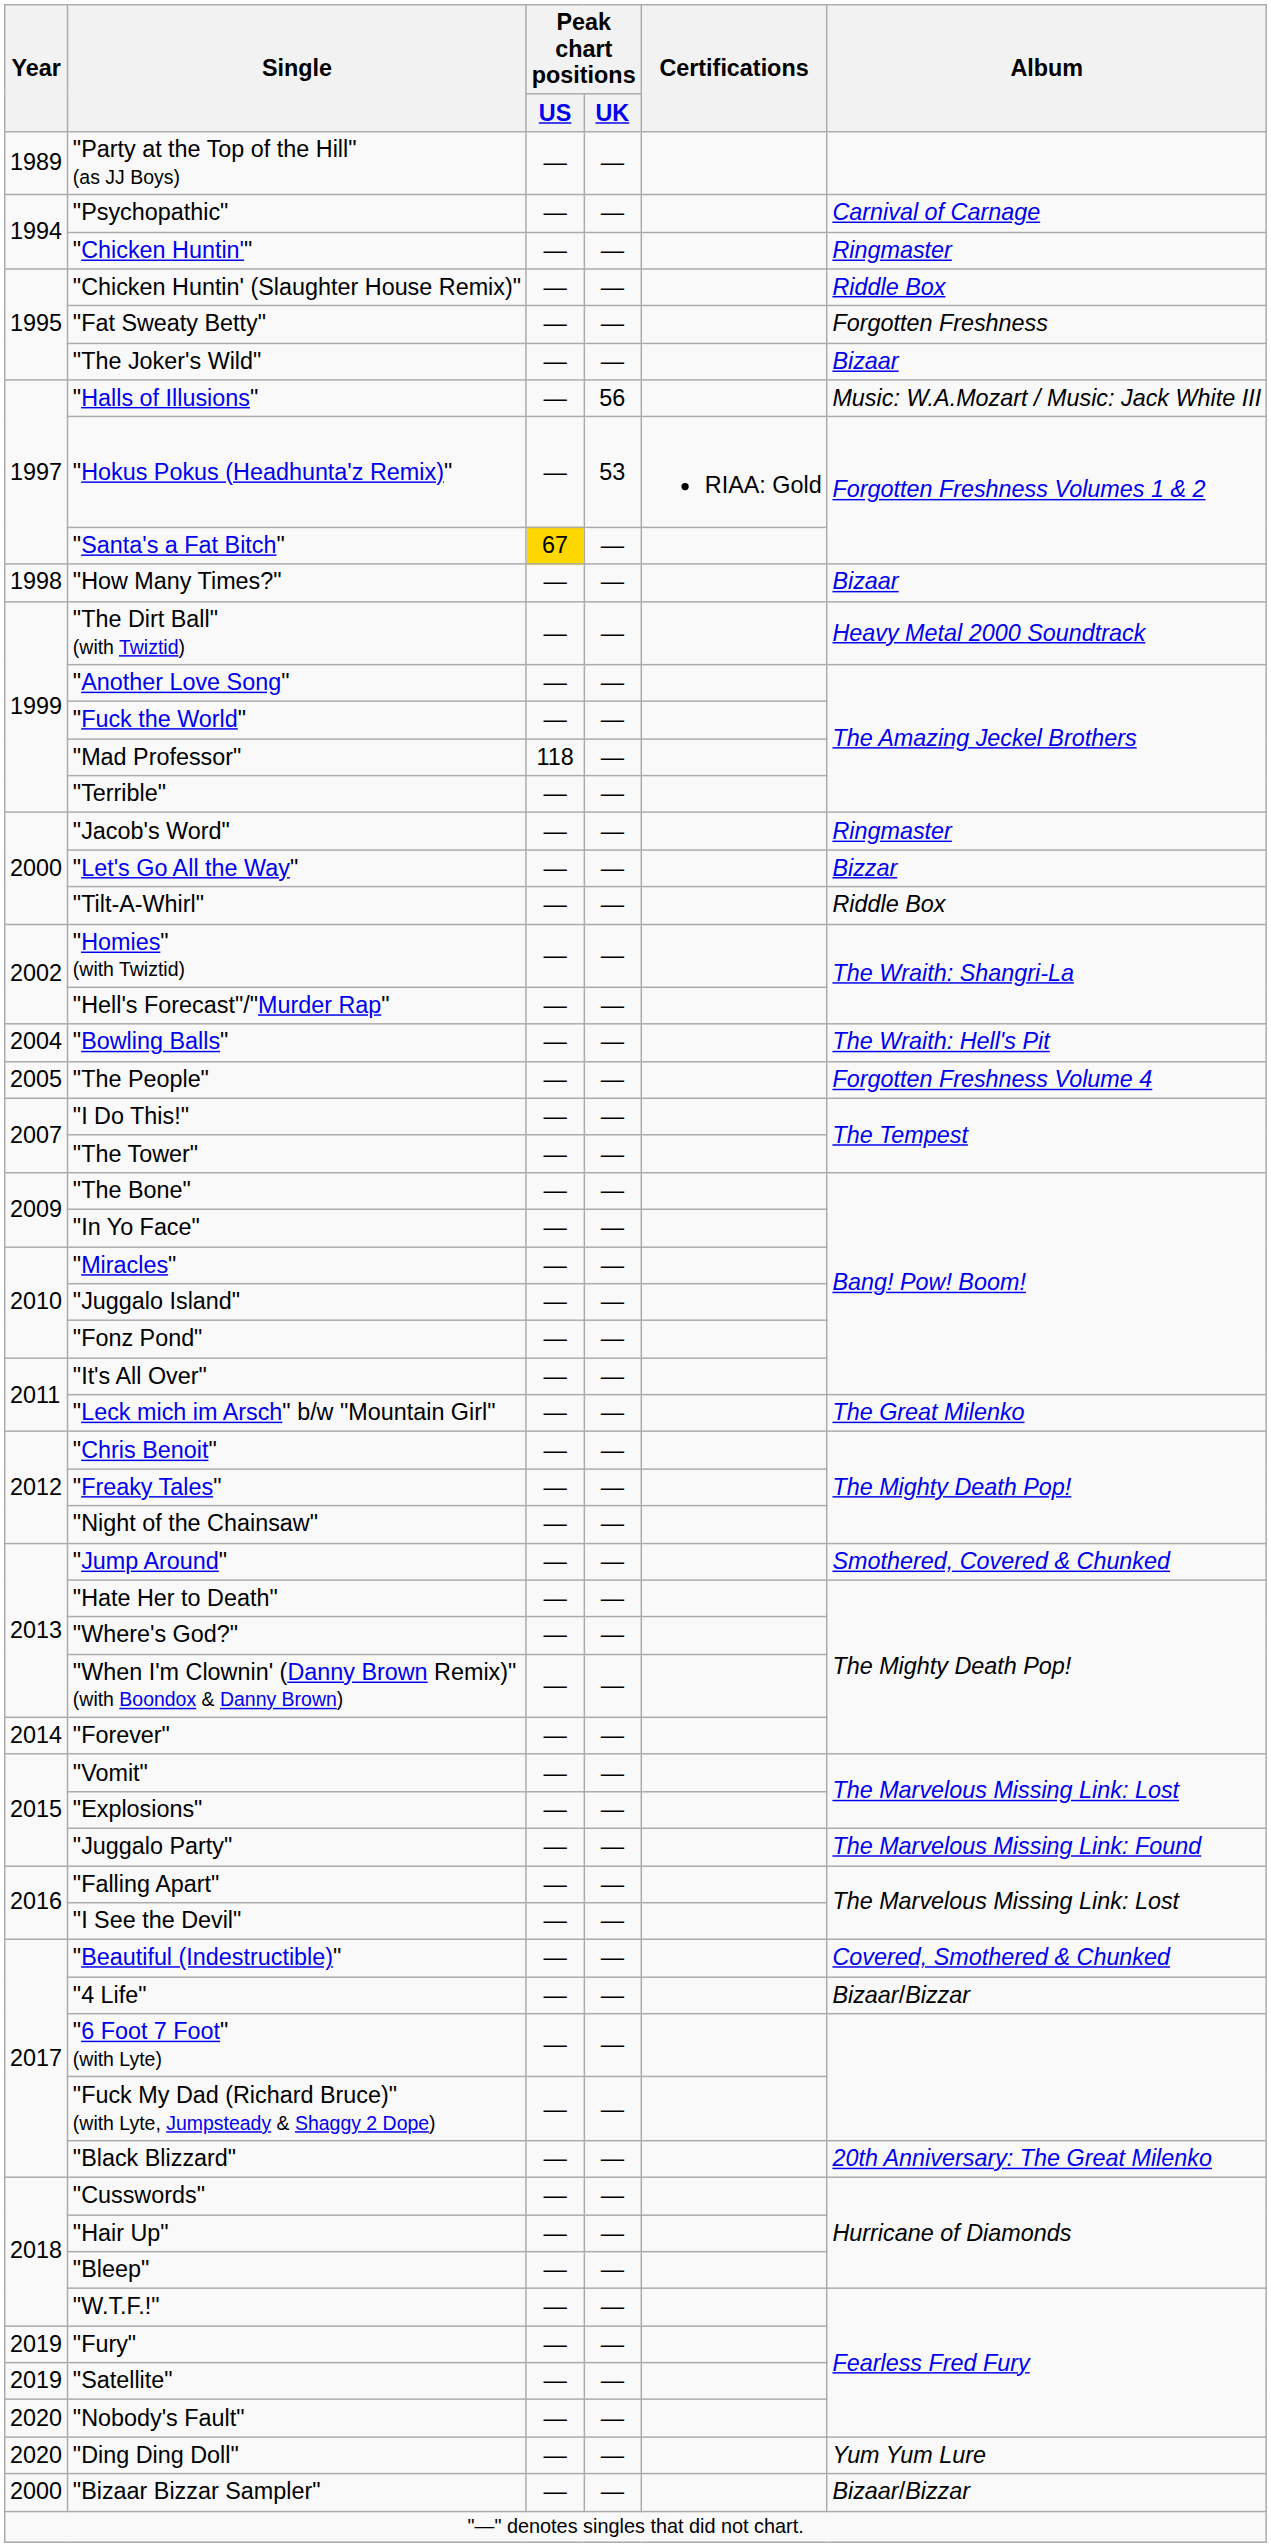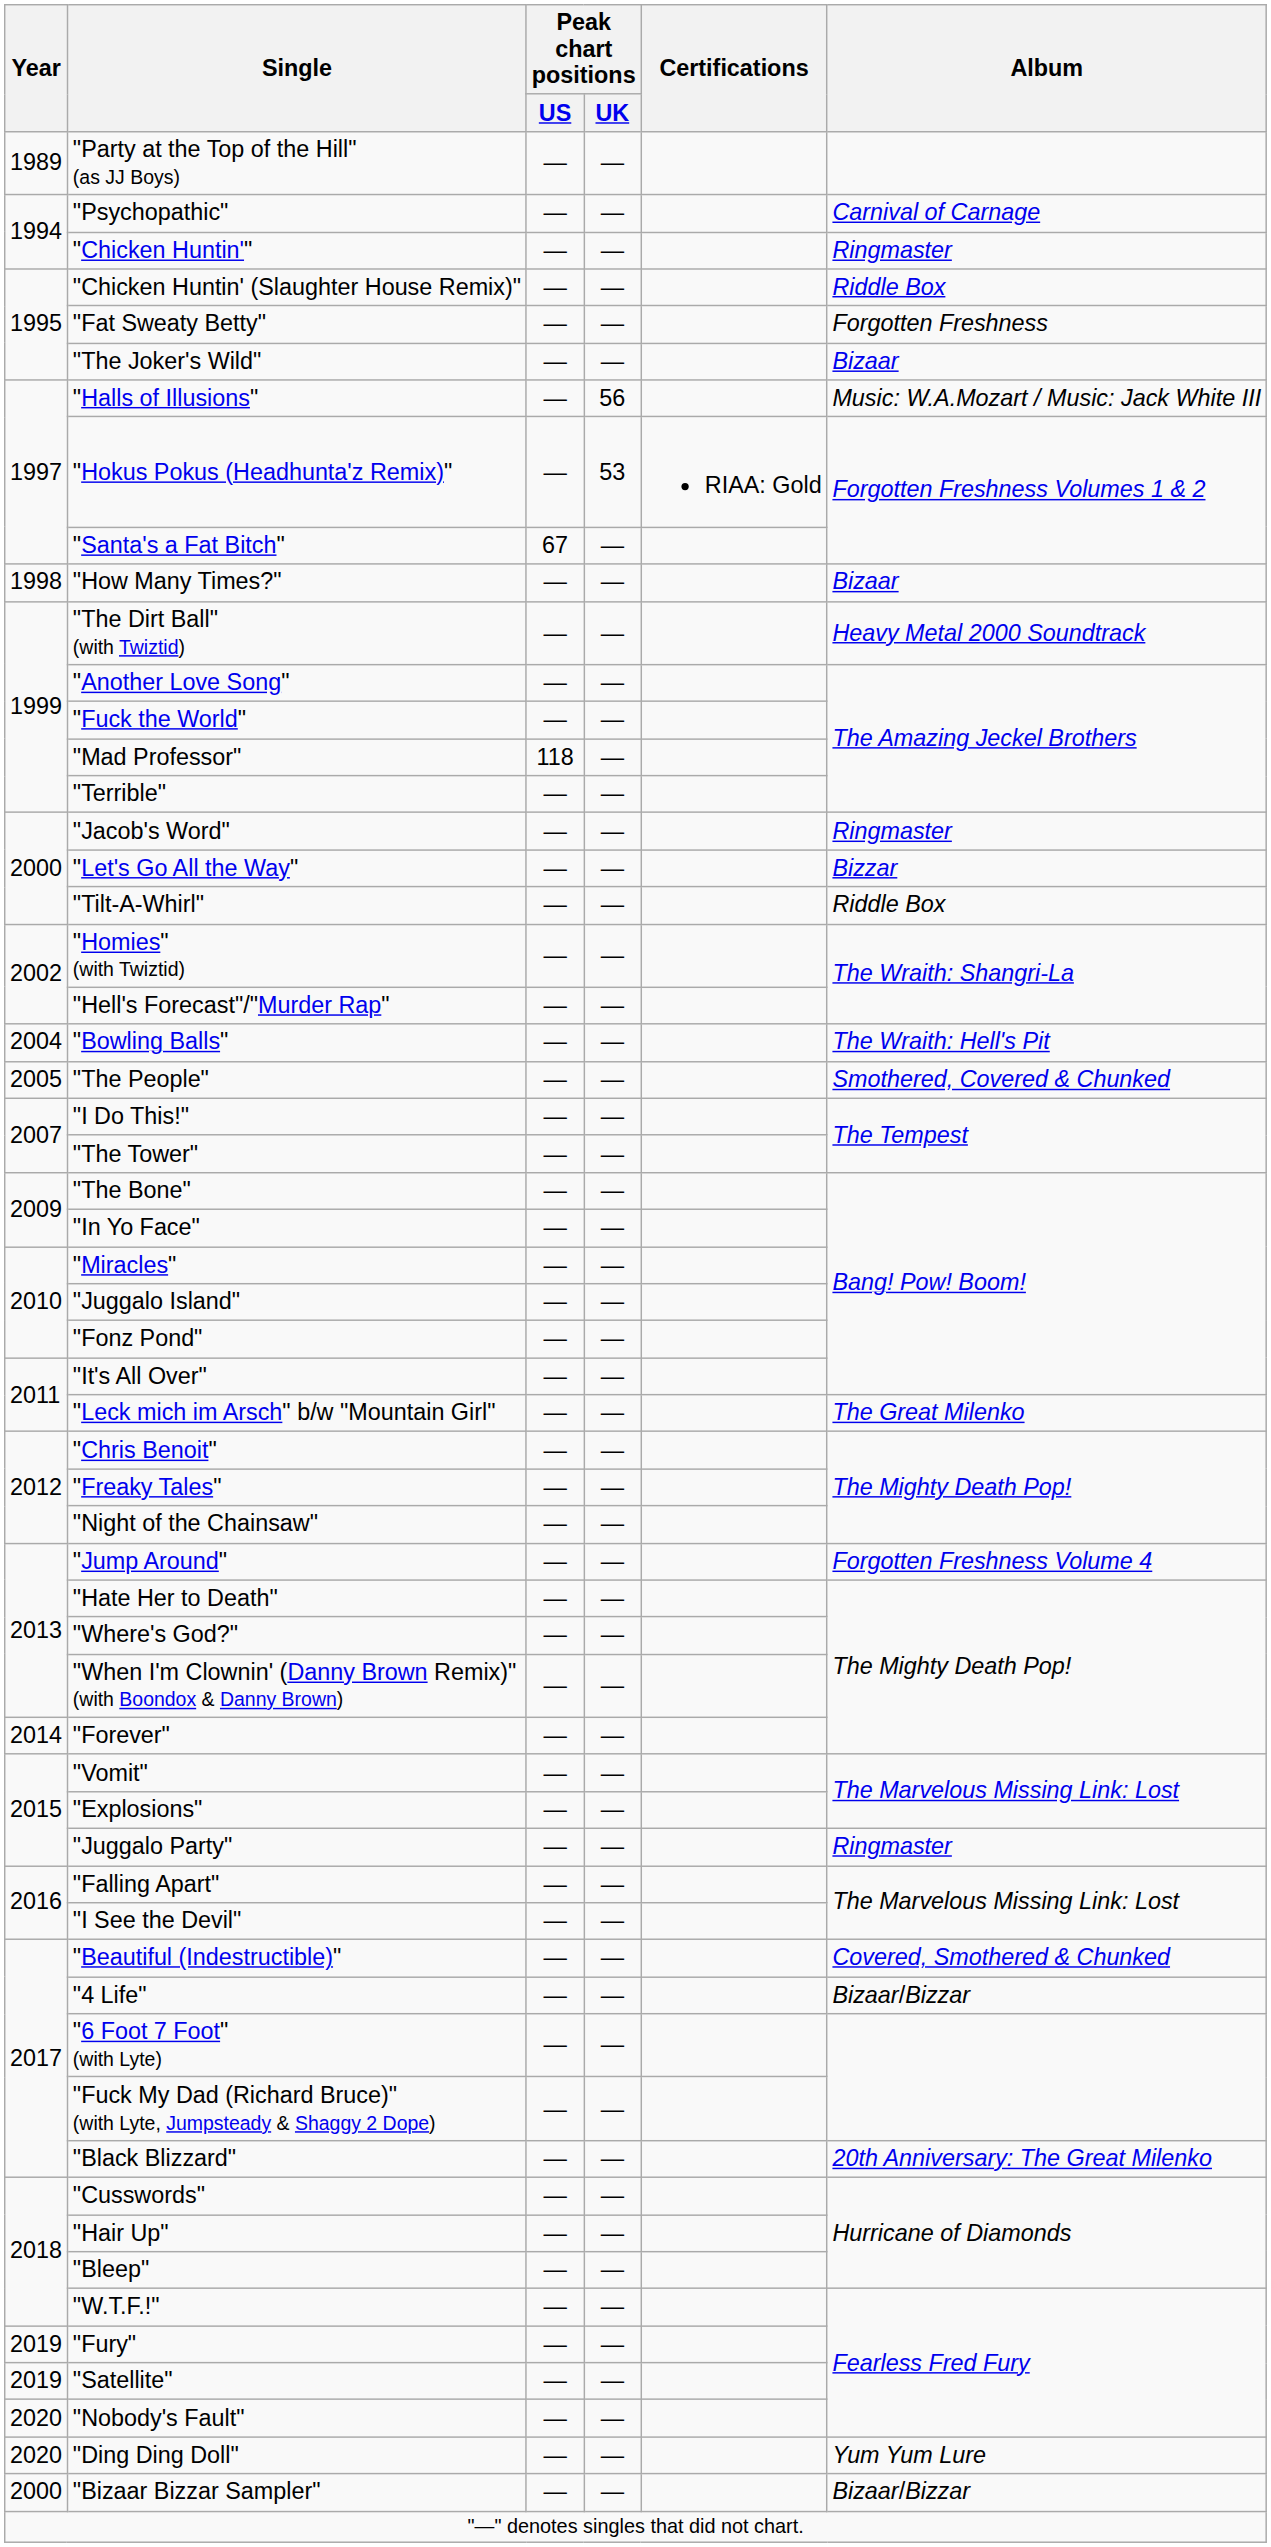 <table class="wikitable">
 <tr>
 <th rowspan="2">Year</th>
 <th rowspan="2">Single</th>
 <th colspan="2">Peak chart positions</th>
 <th rowspan="2">Certifications</th>
 <th rowspan="2">Album</th>
 </tr>
 <tr>
 <th width="30"><a href='#'>US</a><br></th>
 <th width="30"><a href='#'>UK</a><br></th>
 </tr>
 <tr>
 <td>1989</td>
 <td>"Party at the Top of the Hill" <br><small>(as JJ Boys)</small></td>
 <td style="text-align:center">—</td>
 <td style="text-align:center">—</td>
 <td></td>
 <td></td>
 </tr>
 <tr>
 <td rowspan="2">1994</td>
 <td>"Psychopathic"</td>
 <td style="text-align:center">—</td>
 <td style="text-align:center">—</td>
 <td></td>
 <td><em><a href='#'>Carnival of Carnage</a></em></td>
 </tr>
 <tr>
 <td>"<a href='#'>Chicken Huntin'</a>"</td>
 <td style="text-align:center">—</td>
 <td style="text-align:center">—</td>
 <td></td>
 <td><em><a href='#'>Ringmaster</a></em></td>
 </tr>
 <tr>
 <td rowspan="3">1995</td>
 <td>"Chicken Huntin' (Slaughter House Remix)"</td>
 <td style="text-align:center">—</td>
 <td style="text-align:center">—</td>
 <td></td>
 <td><em><a href='#'>Riddle Box</a></em></td>
 </tr>
 <tr>
 <td>"Fat Sweaty Betty"</td>
 <td style="text-align:center">—</td>
 <td style="text-align:center">—</td>
 <td></td>
 <td><em>Forgotten Freshness</em></td>
 </tr>
 <tr>
 <td>"The Joker's Wild"</td>
 <td style="text-align:center">—</td>
 <td style="text-align:center">—</td>
 <td></td>
 <td><em><a href='#'>Bizaar</a></em></td>
 </tr>
 <tr>
 <td rowspan="3">1997</td>
 <td>"<a href='#'>Halls of Illusions</a>"</td>
 <td style="text-align:center">—</td>
 <td style="text-align:center">56</td>
 <td></td>
 <td><em>Music: W.A.Mozart / Music: Jack White III</em></td>
 </tr>
 <tr>
 <td>"<a href='#'>Hokus Pokus (Headhunta'z Remix)</a>"</td>
 <td style="text-align:center">—</td>
 <td style="text-align:center">53</td>
 <td><br><ul><li>RIAA: Gold</li></ul></td>
 <td rowspan="2"><em><a href='#'>Forgotten Freshness Volumes 1 & 2</a></em></td>
 </tr>
 <tr>
 <td>"<a href='#'>Santa's a Fat Bitch</a>"</td>
-<td style="background: gold; text-align:center">67</td>
+<td style="text-align:center">67</td>
 <td style="text-align:center">—</td>
 <td></td>
 </tr>
 <tr>
 <td>1998</td>
 <td>"How Many Times?"</td>
 <td style="text-align:center">—</td>
 <td style="text-align:center">—</td>
 <td></td>
 <td><em><a href='#'>Bizaar</a></em></td>
 </tr>
 <tr>
 <td rowspan="5">1999</td>
 <td>"The Dirt Ball"<br><small>(with <a href='#'>Twiztid</a>)</small></td>
 <td style="text-align:center">—</td>
 <td style="text-align:center">—</td>
 <td></td>
 <td><em><a href='#'>Heavy Metal 2000 Soundtrack</a></em></td>
 </tr>
 <tr>
 <td>"<a href='#'>Another Love Song</a>"</td>
 <td style="text-align:center">—</td>
 <td style="text-align:center">—</td>
 <td></td>
 <td rowspan="4"><em><a href='#'>The Amazing Jeckel Brothers</a></em></td>
 </tr>
 <tr>
 <td>"<a href='#'>Fuck the World</a>"</td>
 <td style="text-align:center">—</td>
 <td style="text-align:center">—</td>
 <td></td>
 </tr>
 <tr>
 <td>"Mad Professor"</td>
 <td style="text-align:center">118</td>
 <td style="text-align:center">—</td>
 <td></td>
 </tr>
 <tr>
 <td>"Terrible"</td>
 <td style="text-align:center">—</td>
 <td style="text-align:center">—</td>
 <td></td>
 </tr>
 <tr>
 <td rowspan="3">2000</td>
 <td>"Jacob's Word"</td>
 <td style="text-align:center">—</td>
 <td style="text-align:center">—</td>
 <td></td>
 <td><em><a href='#'>Ringmaster</a></em></td>
 </tr>
 <tr>
 <td>"<a href='#'>Let's Go All the Way</a>"</td>
 <td style="text-align:center">—</td>
 <td style="text-align:center">—</td>
 <td></td>
 <td><em><a href='#'>Bizzar</a></em></td>
 </tr>
 <tr>
 <td>"Tilt-A-Whirl"</td>
 <td style="text-align:center">—</td>
 <td style="text-align:center">—</td>
 <td></td>
 <td><em>Riddle Box</em></td>
 </tr>
 <tr>
 <td rowspan="2">2002</td>
 <td>"<a href='#'>Homies</a>" <br><small>(with Twiztid)</small></td>
 <td style="text-align:center">—</td>
 <td style="text-align:center">—</td>
 <td></td>
 <td rowspan="2"><em><a href='#'>The Wraith: Shangri-La</a></em></td>
 </tr>
 <tr>
 <td>"Hell's Forecast"/"<a href='#'>Murder Rap</a>"</td>
 <td style="text-align:center">—</td>
 <td style="text-align:center">—</td>
 <td></td>
 </tr>
 <tr>
 <td>2004</td>
 <td>"<a href='#'>Bowling Balls</a>"</td>
 <td style="text-align:center">—</td>
 <td style="text-align:center">—</td>
 <td></td>
 <td><em><a href='#'>The Wraith: Hell's Pit</a></em></td>
 </tr>
 <tr>
 <td>2005</td>
 <td>"The People"</td>
 <td style="text-align:center">—</td>
 <td style="text-align:center">—</td>
 <td></td>
-<td><em><a href='#'>Forgotten Freshness Volume 4</a></em></td>
+<td><em><a href='#'>Smothered, Covered & Chunked</a></em></td>
 </tr>
 <tr>
 <td rowspan="2">2007</td>
 <td>"I Do This!"</td>
 <td style="text-align:center">—</td>
 <td style="text-align:center">—</td>
 <td></td>
 <td rowspan="2"><em><a href='#'>The Tempest</a></em></td>
 </tr>
 <tr>
 <td>"The Tower"</td>
 <td style="text-align:center">—</td>
 <td style="text-align:center">—</td>
 <td></td>
 </tr>
 <tr>
 <td rowspan="2">2009</td>
 <td>"The Bone"</td>
 <td style="text-align:center">—</td>
 <td style="text-align:center">—</td>
 <td></td>
 <td rowspan="6"><em><a href='#'>Bang! Pow! Boom!</a></em></td>
 </tr>
 <tr>
 <td>"In Yo Face"</td>
 <td style="text-align:center">—</td>
 <td style="text-align:center">—</td>
 <td></td>
 </tr>
 <tr>
 <td rowspan="3">2010</td>
 <td>"<a href='#'>Miracles</a>"</td>
 <td style="text-align:center">—</td>
 <td style="text-align:center">—</td>
 <td></td>
 </tr>
 <tr>
 <td>"Juggalo Island"</td>
 <td style="text-align:center">—</td>
 <td style="text-align:center">—</td>
 <td></td>
 </tr>
 <tr>
 <td>"Fonz Pond"</td>
 <td style="text-align:center">—</td>
 <td style="text-align:center">—</td>
 <td></td>
 </tr>
 <tr>
 <td rowspan="2">2011</td>
 <td>"It's All Over"</td>
 <td style="text-align:center">—</td>
 <td style="text-align:center">—</td>
 <td></td>
 </tr>
 <tr>
 <td>"<a href='#'>Leck mich im Arsch</a>" b/w "Mountain Girl"</td>
 <td style="text-align:center">—</td>
 <td style="text-align:center">—</td>
 <td></td>
 <td><em><a href='#'>The Great Milenko</a></em></td>
 </tr>
 <tr>
 <td rowspan="3">2012</td>
 <td>"<a href='#'>Chris Benoit</a>"</td>
 <td style="text-align:center">—</td>
 <td style="text-align:center">—</td>
 <td></td>
 <td rowspan="3"><em><a href='#'>The Mighty Death Pop!</a></em></td>
 </tr>
 <tr>
 <td>"<a href='#'>Freaky Tales</a>"</td>
 <td style="text-align:center">—</td>
 <td style="text-align:center">—</td>
 <td></td>
 </tr>
 <tr>
 <td>"Night of the Chainsaw"</td>
 <td style="text-align:center">—</td>
 <td style="text-align:center">—</td>
 <td></td>
 </tr>
 <tr>
 <td rowspan="4">2013</td>
 <td>"<a href='#'>Jump Around</a>"</td>
 <td style="text-align:center">—</td>
 <td style="text-align:center">—</td>
 <td></td>
-<td><em><a href='#'>Smothered, Covered & Chunked</a></em></td>
+<td><em><a href='#'>Forgotten Freshness Volume 4</a></em></td>
 </tr>
 <tr>
 <td>"Hate Her to Death"</td>
 <td style="text-align:center">—</td>
 <td style="text-align:center">—</td>
 <td></td>
 <td rowspan="4"><em>The Mighty Death Pop!</em></td>
 </tr>
 <tr>
 <td>"Where's God?"</td>
 <td style="text-align:center">—</td>
 <td style="text-align:center">—</td>
 <td></td>
 </tr>
 <tr>
 <td>"When I'm Clownin' (<a href='#'>Danny Brown</a> Remix)"<br><small> (with <a href='#'>Boondox</a> & <a href='#'>Danny Brown</a>)</small></td>
 <td style="text-align:center">—</td>
 <td style="text-align:center">—</td>
 <td></td>
 </tr>
 <tr>
 <td>2014</td>
 <td>"Forever"</td>
 <td style="text-align:center">—</td>
 <td style="text-align:center">—</td>
 <td></td>
 </tr>
 <tr>
 <td rowspan="3">2015</td>
 <td>"Vomit"</td>
 <td style="text-align:center">—</td>
 <td style="text-align:center">—</td>
 <td></td>
 <td rowspan="2"><em><a href='#'>The Marvelous Missing Link: Lost</a></em></td>
 </tr>
 <tr>
 <td>"Explosions"</td>
 <td style="text-align:center">—</td>
 <td style="text-align:center">—</td>
 <td></td>
 </tr>
 <tr>
 <td>"Juggalo Party"</td>
 <td style="text-align:center">—</td>
 <td style="text-align:center">—</td>
 <td></td>
-<td><em><a href='#'>The Marvelous Missing Link: Found</a></em></td>
+<td><em><a href='#'>Ringmaster</a></em></td>
 </tr>
 <tr>
 <td rowspan="2">2016</td>
 <td>"Falling Apart"</td>
 <td style="text-align:center">—</td>
 <td style="text-align:center">—</td>
 <td></td>
 <td rowspan="2"><em>The Marvelous Missing Link: Lost</em></td>
 </tr>
 <tr>
 <td>"I See the Devil"</td>
 <td style="text-align:center">—</td>
 <td style="text-align:center">—</td>
 <td></td>
 </tr>
 <tr>
 <td rowspan="5">2017</td>
 <td>"<a href='#'>Beautiful (Indestructible)</a>"</td>
 <td style="text-align:center">—</td>
 <td style="text-align:center">—</td>
 <td></td>
 <td><em><a href='#'>Covered, Smothered & Chunked</a></em></td>
 </tr>
 <tr>
 <td>"4 Life"</td>
 <td style="text-align:center">—</td>
 <td style="text-align:center">—</td>
 <td></td>
 <td><em>Bizaar</em>/<em>Bizzar</em></td>
 </tr>
 <tr>
 <td>"<a href='#'>6 Foot 7 Foot</a>"<br><small>(with Lyte)</small></td>
 <td style="text-align:center">—</td>
 <td style="text-align:center">—</td>
 <td></td>
 </tr>
 <tr>
 <td>"Fuck My Dad (Richard Bruce)"<br><small>(with Lyte, <a href='#'>Jumpsteady</a> & <a href='#'>Shaggy 2 Dope</a>)</small></td>
 <td style="text-align:center">—</td>
 <td style="text-align:center">—</td>
 <td></td>
 </tr>
 <tr>
 <td>"Black Blizzard"</td>
 <td style="text-align:center">—</td>
 <td style="text-align:center">—</td>
 <td></td>
 <td><em><a href='#'>20th Anniversary: The Great Milenko</a></em></td>
 </tr>
 <tr>
 <td rowspan="4">2018</td>
 <td>"Cusswords"</td>
 <td style="text-align:center">—</td>
 <td style="text-align:center">—</td>
 <td></td>
 <td rowspan="3"><em>Hurricane of Diamonds</em></td>
 </tr>
 <tr>
 <td>"Hair Up"</td>
 <td style="text-align:center">—</td>
 <td style="text-align:center">—</td>
 <td></td>
 </tr>
 <tr>
 <td>"Bleep"</td>
 <td style="text-align:center">—</td>
 <td style="text-align:center">—</td>
 <td></td>
 </tr>
 <tr>
 <td>"W.T.F.!"</td>
 <td style="text-align:center">—</td>
 <td style="text-align:center">—</td>
 <td></td>
 <td rowspan="4"><em><a href='#'>Fearless Fred Fury</a></em></td>
 </tr>
 <tr>
 <td>2019</td>
 <td>"Fury"</td>
 <td style="text-align:center">—</td>
 <td style="text-align:center">—</td>
 <td></td>
 </tr>
 <tr>
 <td>2019</td>
 <td>"Satellite"</td>
 <td style="text-align:center">—</td>
 <td style="text-align:center">—</td>
 <td></td>
 </tr>
 <tr>
 <td>2020</td>
 <td>"Nobody's Fault"</td>
 <td style="text-align:center">—</td>
 <td style="text-align:center">—</td>
 <td></td>
 </tr>
 <tr>
 <td>2020</td>
 <td>"Ding Ding Doll"</td>
 <td style="text-align:center">—</td>
 <td style="text-align:center">—</td>
 <td></td>
 <td><em>Yum Yum Lure</em></td>
 </tr>
 <tr>
 <td>2000</td>
 <td>"Bizaar Bizzar Sampler"</td>
 <td style="text-align:center">—</td>
 <td style="text-align:center">—</td>
 <td></td>
 <td><em>Bizaar</em>/<em>Bizzar</em></td>
 </tr>
 <tr>
 <td colspan="6" style="text-align:center; font-size: 85%">"—" denotes singles that did not chart.</td>
 </tr>
 </table>
